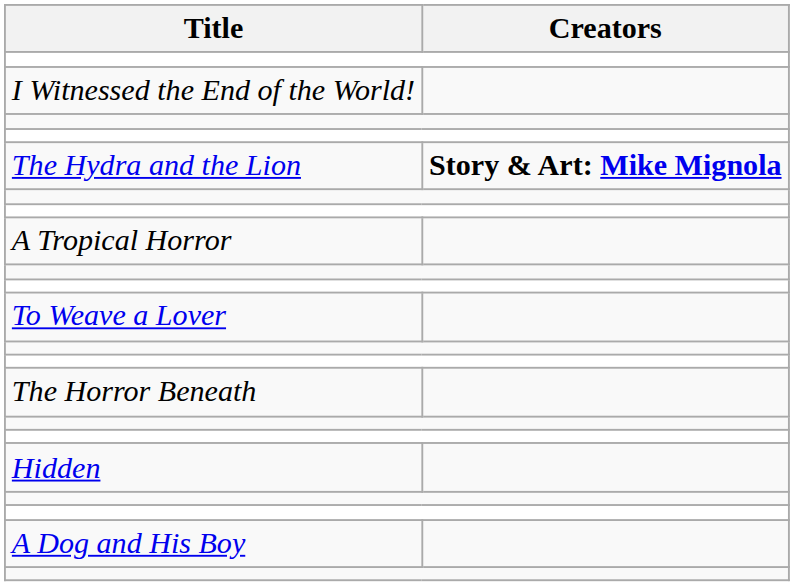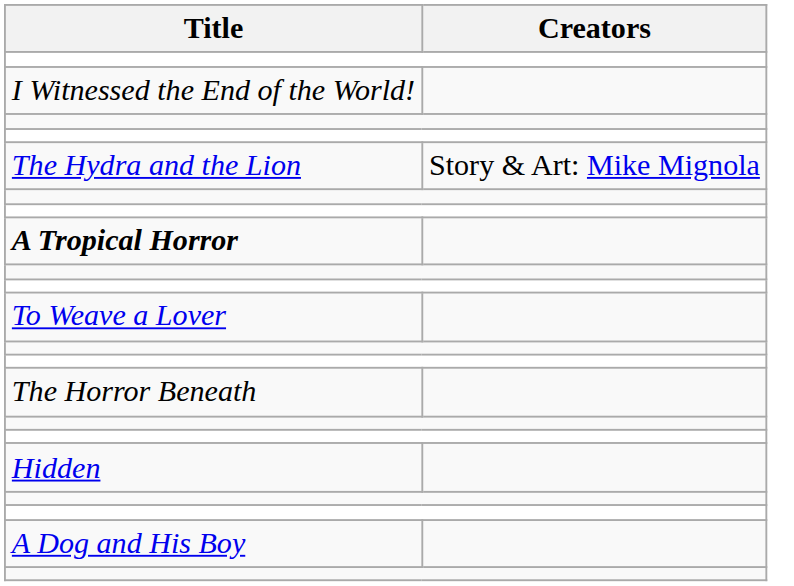 <table class="wikitable">
 <tr>
 <th>Title</th>
 <th>Creators</th>
 </tr>
 <tr>
 <td colspan="6" bgcolor="#FFFFFF"></td>
 </tr>
 <tr>
 <td><em>I Witnessed the End of the World!</em></td>
 <td></td>
 </tr>
 <tr>
 <td colspan="6"></td>
 </tr>
 <tr>
 <td colspan="6" bgcolor="#FFFFFF"></td>
 </tr>
 <tr>
 <td><em><a href='#'>The Hydra and the Lion</a></em></td>
-<td><strong>Story & Art: <a href='#'>Mike Mignola </a></strong></td>
+<td>Story & Art: <a href='#'>Mike Mignola </a></td>
 </tr>
 <tr>
 <td colspan="6"></td>
 </tr>
 <tr>
 <td colspan="6" bgcolor="#FFFFFF"></td>
 </tr>
 <tr>
-<td><em>A Tropical Horror</em></td>
+<td><strong><em>A Tropical Horror</em></strong></td>
 <td></td>
 </tr>
 <tr>
 <td colspan="6"></td>
 </tr>
 <tr>
 <td colspan="6" bgcolor="#FFFFFF"></td>
 </tr>
 <tr>
 <td><em><a href='#'>To Weave a Lover</a></em></td>
 <td></td>
 </tr>
 <tr>
 <td colspan="6"></td>
 </tr>
 <tr>
 <td colspan="6" bgcolor="#FFFFFF"></td>
 </tr>
 <tr>
 <td><em>The Horror Beneath</em></td>
 <td></td>
 </tr>
 <tr>
 <td colspan="6"></td>
 </tr>
 <tr>
 <td colspan="6" bgcolor="#FFFFFF"></td>
 </tr>
 <tr>
 <td><em><a href='#'>Hidden</a></em></td>
 <td></td>
 </tr>
 <tr>
 <td colspan="6"></td>
 </tr>
 <tr>
 <td colspan="6" bgcolor="#FFFFFF"></td>
 </tr>
 <tr>
 <td><em><a href='#'>A Dog and His Boy</a></em></td>
 <td></td>
 </tr>
 <tr>
 <td colspan="6"></td>
 </tr>
 </table>
